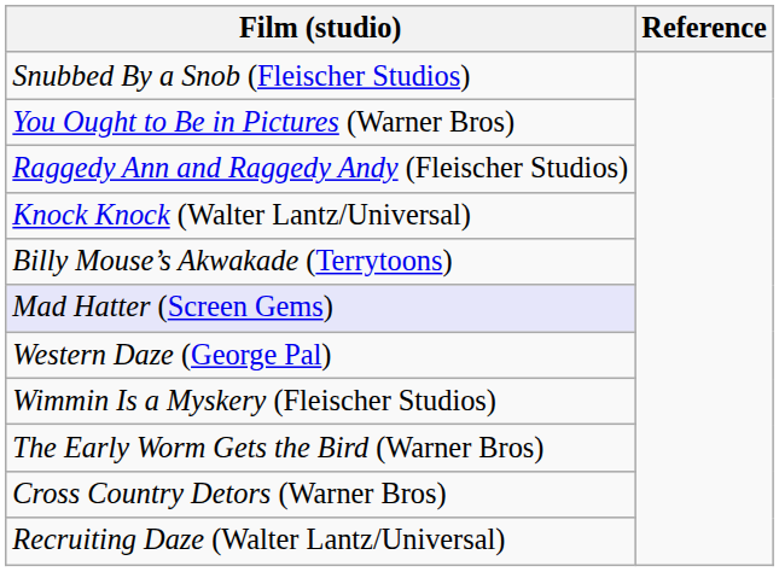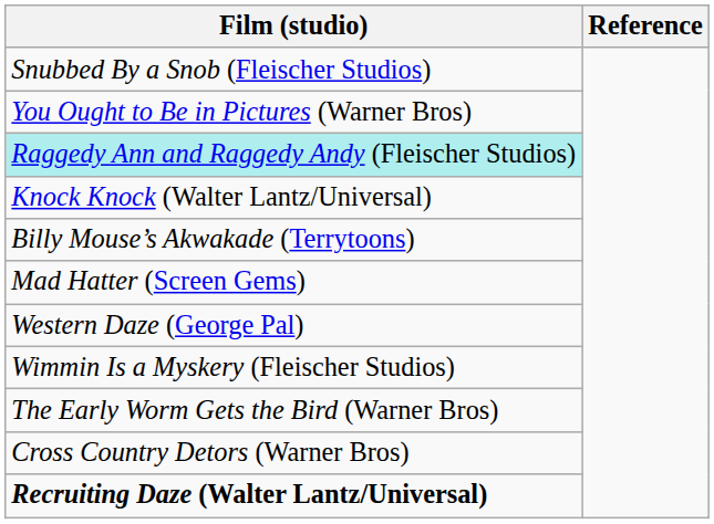 <table class="wikitable">
 <tr>
 <th>Film (studio)</th>
 <th>Reference</th>
 </tr>
 <tr>
 <td><em>Snubbed By a Snob</em> (<a href='#'>Fleischer Studios</a>)</td>
 <td rowspan="11"></td>
 </tr>
 <tr>
 <td><em><a href='#'>You Ought to Be in Pictures</a></em> (Warner Bros)</td>
 </tr>
 <tr>
-<td><a href='#'><em>Raggedy Ann and Raggedy Andy</em></a> (Fleischer Studios)</td>
+<td style="background: paleturquoise;"><a href='#'><em>Raggedy Ann and Raggedy Andy</em></a> (Fleischer Studios)</td>
 </tr>
 <tr>
 <td><a href='#'><em>Knock Knock</em></a> (Walter Lantz/Universal)</td>
 </tr>
 <tr>
 <td><em>Billy Mouse’s Akwakade</em> (<a href='#'>Terrytoons</a>)</td>
 </tr>
 <tr>
-<td style="background: lavender;"><em>Mad Hatter</em> (<a href='#'>Screen Gems</a>)</td>
+<td><em>Mad Hatter</em> (<a href='#'>Screen Gems</a>)</td>
 </tr>
 <tr>
 <td><em>Western Daze</em> (<a href='#'>George Pal</a>)</td>
 </tr>
 <tr>
 <td><em>Wimmin Is a Myskery</em> (Fleischer Studios)</td>
 </tr>
 <tr>
 <td><em>The Early Worm Gets the Bird</em> (Warner Bros)</td>
 </tr>
 <tr>
 <td><em>Cross Country Detors</em> (Warner Bros)</td>
 </tr>
 <tr>
-<td><em>Recruiting Daze</em> (Walter Lantz/Universal)</td>
+<td><strong><em>Recruiting Daze</em> (Walter Lantz/Universal)</strong></td>
 </tr>
 </table>
